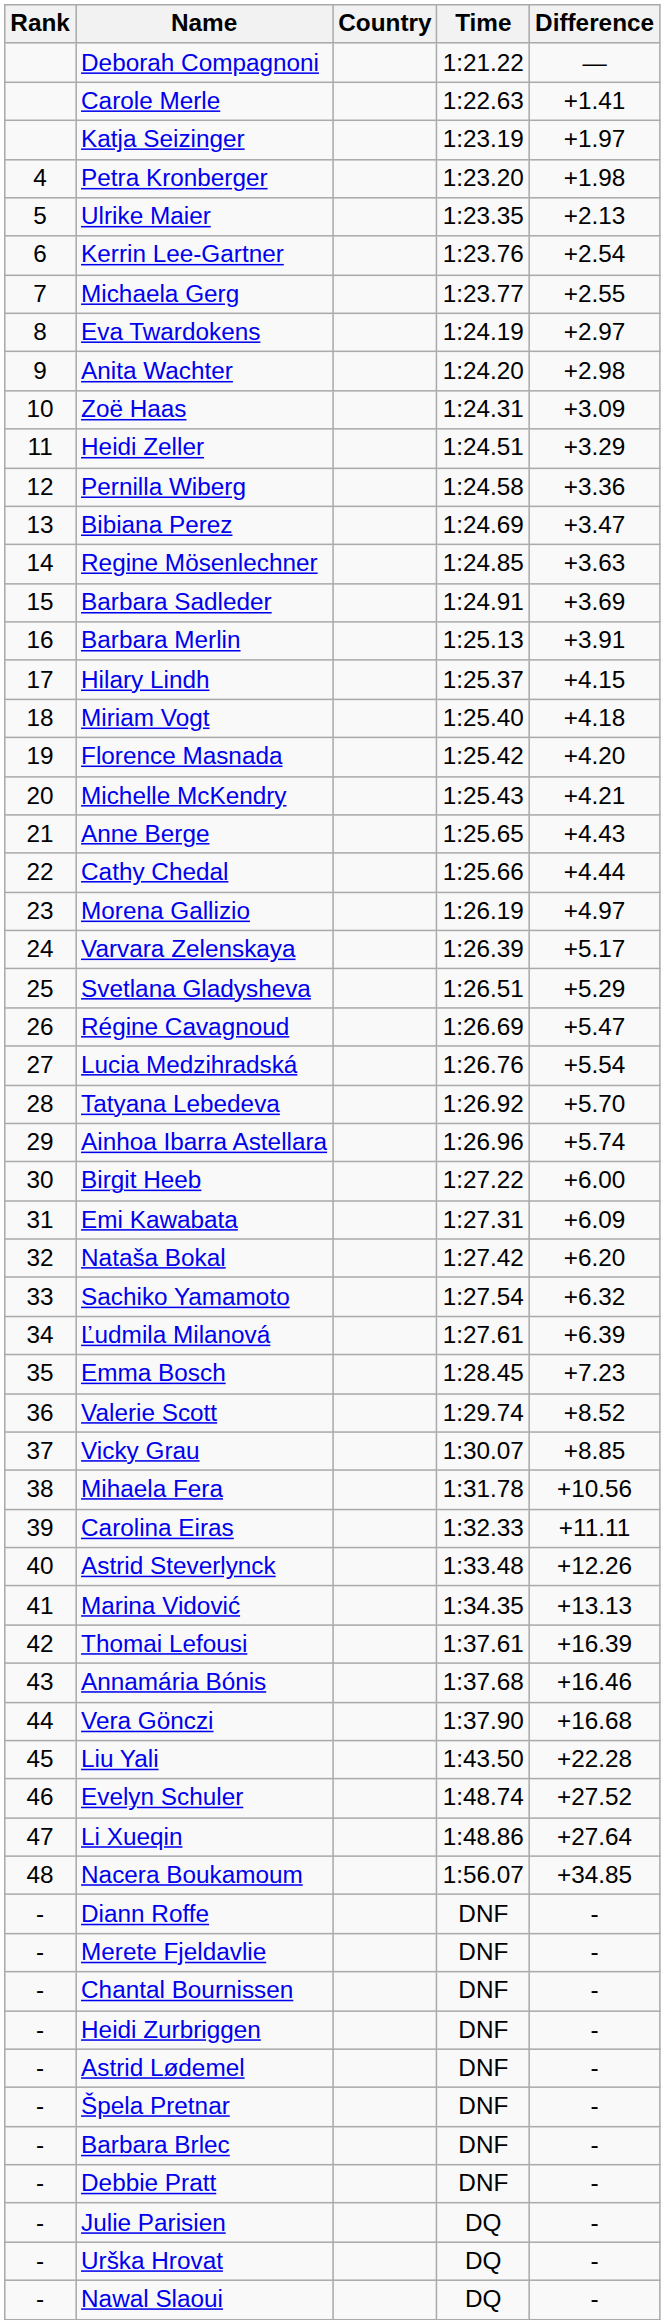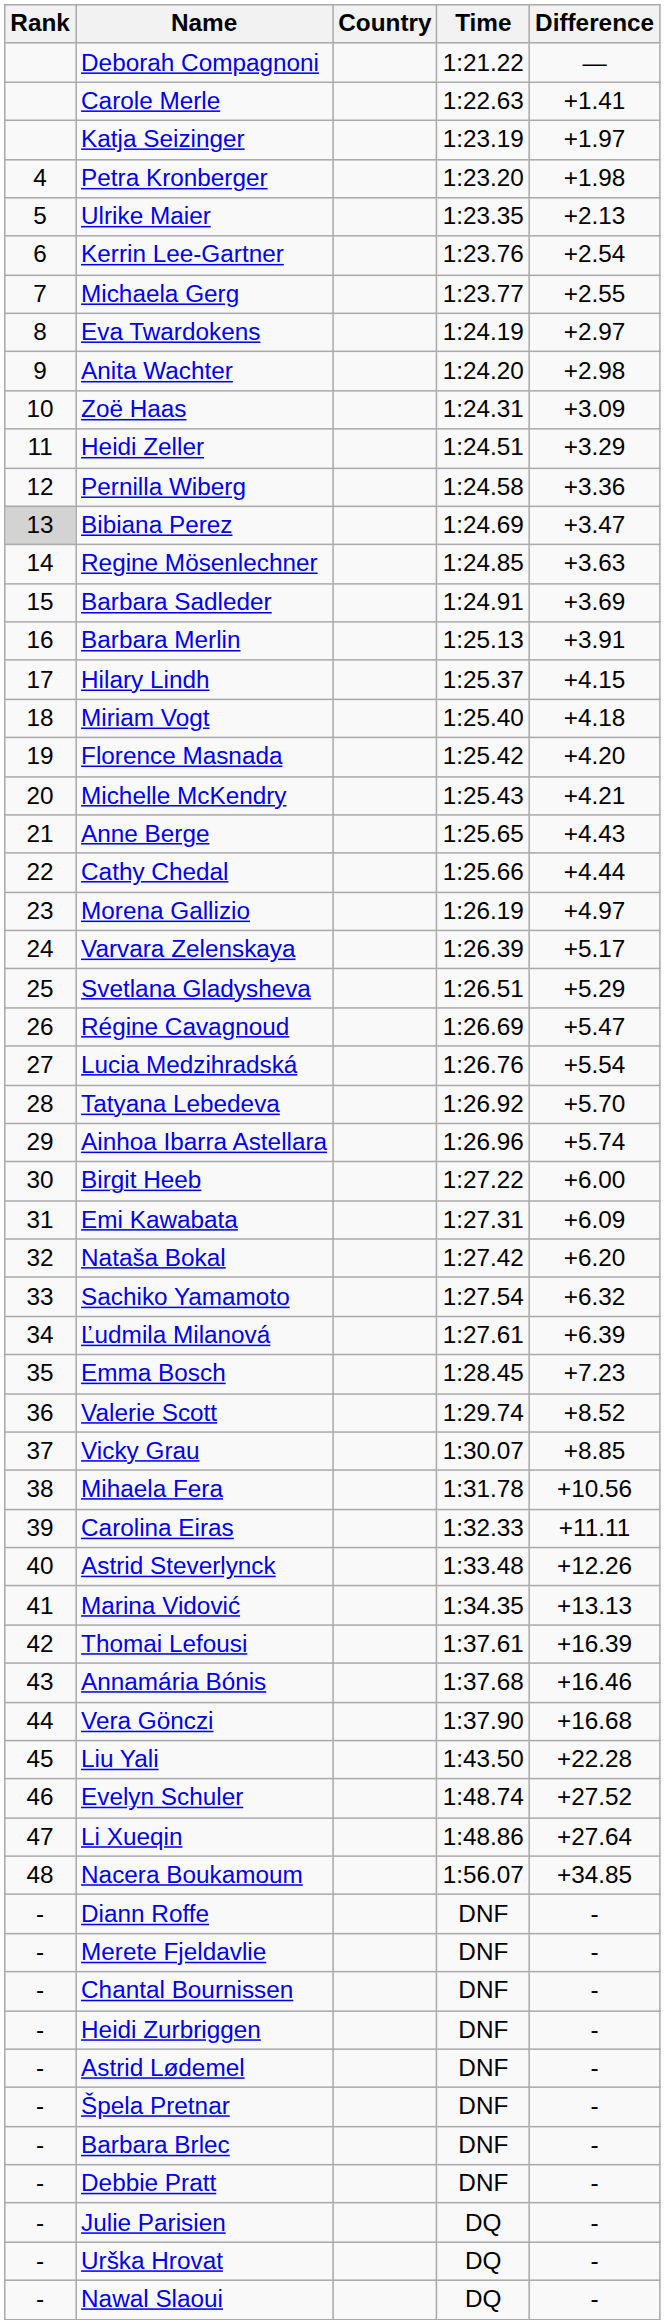 <table class="wikitable sortable" style="text-align:center">
 <tr>
 <th>Rank</th>
 <th>  Name</th>
 <th>Country</th>
 <th>Time</th>
 <th>Difference</th>
 </tr>
 <tr>
 <td></td>
 <td align=left><a href='#'>Deborah Compagnoni</a></td>
 <td align=left></td>
 <td>1:21.22</td>
 <td>—</td>
 </tr>
 <tr>
 <td></td>
 <td align=left><a href='#'>Carole Merle</a></td>
 <td align=left></td>
 <td>1:22.63</td>
 <td>+1.41</td>
 </tr>
 <tr>
 <td></td>
 <td align=left><a href='#'>Katja Seizinger</a></td>
 <td align=left></td>
 <td>1:23.19</td>
 <td>+1.97</td>
 </tr>
 <tr>
 <td>4</td>
 <td align=left><a href='#'>Petra Kronberger</a></td>
 <td align=left></td>
 <td>1:23.20</td>
 <td>+1.98</td>
 </tr>
 <tr>
 <td>5</td>
 <td align=left><a href='#'>Ulrike Maier</a></td>
 <td align=left></td>
 <td>1:23.35</td>
 <td>+2.13</td>
 </tr>
 <tr>
 <td>6</td>
 <td align=left><a href='#'>Kerrin Lee-Gartner</a></td>
 <td align=left></td>
 <td>1:23.76</td>
 <td>+2.54</td>
 </tr>
 <tr>
 <td>7</td>
 <td align=left><a href='#'>Michaela Gerg</a></td>
 <td align=left></td>
 <td>1:23.77</td>
 <td>+2.55</td>
 </tr>
 <tr>
 <td>8</td>
 <td align=left><a href='#'>Eva Twardokens</a></td>
 <td align=left></td>
 <td>1:24.19</td>
 <td>+2.97</td>
 </tr>
 <tr>
 <td>9</td>
 <td align=left><a href='#'>Anita Wachter</a></td>
 <td align=left></td>
 <td>1:24.20</td>
 <td>+2.98</td>
 </tr>
 <tr>
 <td>10</td>
 <td align=left><a href='#'>Zoë Haas</a></td>
 <td align=left></td>
 <td>1:24.31</td>
 <td>+3.09</td>
 </tr>
 <tr>
 <td>11</td>
 <td align=left><a href='#'>Heidi Zeller</a></td>
 <td align=left></td>
 <td>1:24.51</td>
 <td>+3.29</td>
 </tr>
 <tr>
 <td>12</td>
 <td align=left><a href='#'>Pernilla Wiberg</a></td>
 <td align=left></td>
 <td>1:24.58</td>
 <td>+3.36</td>
 </tr>
 <tr>
-<td>13</td>
+<td style="background: lightgrey;">13</td>
 <td align=left><a href='#'>Bibiana Perez</a></td>
 <td align=left></td>
 <td>1:24.69</td>
 <td>+3.47</td>
 </tr>
 <tr>
 <td>14</td>
 <td align=left><a href='#'>Regine Mösenlechner</a></td>
 <td align=left></td>
 <td>1:24.85</td>
 <td>+3.63</td>
 </tr>
 <tr>
 <td>15</td>
 <td align=left><a href='#'>Barbara Sadleder</a></td>
 <td align=left></td>
 <td>1:24.91</td>
 <td>+3.69</td>
 </tr>
 <tr>
 <td>16</td>
 <td align=left><a href='#'>Barbara Merlin</a></td>
 <td align=left></td>
 <td>1:25.13</td>
 <td>+3.91</td>
 </tr>
 <tr>
 <td>17</td>
 <td align=left><a href='#'>Hilary Lindh</a></td>
 <td align=left></td>
 <td>1:25.37</td>
 <td>+4.15</td>
 </tr>
 <tr>
 <td>18</td>
 <td align=left><a href='#'>Miriam Vogt</a></td>
 <td align=left></td>
 <td>1:25.40</td>
 <td>+4.18</td>
 </tr>
 <tr>
 <td>19</td>
 <td align=left><a href='#'>Florence Masnada</a></td>
 <td align=left></td>
 <td>1:25.42</td>
 <td>+4.20</td>
 </tr>
 <tr>
 <td>20</td>
 <td align=left><a href='#'>Michelle McKendry</a></td>
 <td align=left></td>
 <td>1:25.43</td>
 <td>+4.21</td>
 </tr>
 <tr>
 <td>21</td>
 <td align=left><a href='#'>Anne Berge</a></td>
 <td align=left></td>
 <td>1:25.65</td>
 <td>+4.43</td>
 </tr>
 <tr>
 <td>22</td>
 <td align=left><a href='#'>Cathy Chedal</a></td>
 <td align=left></td>
 <td>1:25.66</td>
 <td>+4.44</td>
 </tr>
 <tr>
 <td>23</td>
 <td align=left><a href='#'>Morena Gallizio</a></td>
 <td align=left></td>
 <td>1:26.19</td>
 <td>+4.97</td>
 </tr>
 <tr>
 <td>24</td>
 <td align=left><a href='#'>Varvara Zelenskaya</a></td>
 <td align=left></td>
 <td>1:26.39</td>
 <td>+5.17</td>
 </tr>
 <tr>
 <td>25</td>
 <td align=left><a href='#'>Svetlana Gladysheva</a></td>
 <td align=left></td>
 <td>1:26.51</td>
 <td>+5.29</td>
 </tr>
 <tr>
 <td>26</td>
 <td align=left><a href='#'>Régine Cavagnoud</a></td>
 <td align=left></td>
 <td>1:26.69</td>
 <td>+5.47</td>
 </tr>
 <tr>
 <td>27</td>
 <td align=left><a href='#'>Lucia Medzihradská</a></td>
 <td align=left></td>
 <td>1:26.76</td>
 <td>+5.54</td>
 </tr>
 <tr>
 <td>28</td>
 <td align=left><a href='#'>Tatyana Lebedeva</a></td>
 <td align=left></td>
 <td>1:26.92</td>
 <td>+5.70</td>
 </tr>
 <tr>
 <td>29</td>
 <td align=left><a href='#'>Ainhoa Ibarra Astellara</a></td>
 <td align=left></td>
 <td>1:26.96</td>
 <td>+5.74</td>
 </tr>
 <tr>
 <td>30</td>
 <td align=left><a href='#'>Birgit Heeb</a></td>
 <td align=left></td>
 <td>1:27.22</td>
 <td>+6.00</td>
 </tr>
 <tr>
 <td>31</td>
 <td align=left><a href='#'>Emi Kawabata</a></td>
 <td align=left></td>
 <td>1:27.31</td>
 <td>+6.09</td>
 </tr>
 <tr>
 <td>32</td>
 <td align=left><a href='#'>Nataša Bokal</a></td>
 <td align=left></td>
 <td>1:27.42</td>
 <td>+6.20</td>
 </tr>
 <tr>
 <td>33</td>
 <td align=left><a href='#'>Sachiko Yamamoto</a></td>
 <td align=left></td>
 <td>1:27.54</td>
 <td>+6.32</td>
 </tr>
 <tr>
 <td>34</td>
 <td align=left><a href='#'>Ľudmila Milanová</a></td>
 <td align=left></td>
 <td>1:27.61</td>
 <td>+6.39</td>
 </tr>
 <tr>
 <td>35</td>
 <td align=left><a href='#'>Emma Bosch</a></td>
 <td align=left></td>
 <td>1:28.45</td>
 <td>+7.23</td>
 </tr>
 <tr>
 <td>36</td>
 <td align=left><a href='#'>Valerie Scott</a></td>
 <td align=left></td>
 <td>1:29.74</td>
 <td>+8.52</td>
 </tr>
 <tr>
 <td>37</td>
 <td align=left><a href='#'>Vicky Grau</a></td>
 <td align=left></td>
 <td>1:30.07</td>
 <td>+8.85</td>
 </tr>
 <tr>
 <td>38</td>
 <td align=left><a href='#'>Mihaela Fera</a></td>
 <td align=left></td>
 <td>1:31.78</td>
 <td>+10.56</td>
 </tr>
 <tr>
 <td>39</td>
 <td align=left><a href='#'>Carolina Eiras</a></td>
 <td align=left></td>
 <td>1:32.33</td>
 <td>+11.11</td>
 </tr>
 <tr>
 <td>40</td>
 <td align=left><a href='#'>Astrid Steverlynck</a></td>
 <td align=left></td>
 <td>1:33.48</td>
 <td>+12.26</td>
 </tr>
 <tr>
 <td>41</td>
 <td align=left><a href='#'>Marina Vidović</a></td>
 <td align=left></td>
 <td>1:34.35</td>
 <td>+13.13</td>
 </tr>
 <tr>
 <td>42</td>
 <td align=left><a href='#'>Thomai Lefousi</a></td>
 <td align=left></td>
 <td>1:37.61</td>
 <td>+16.39</td>
 </tr>
 <tr>
 <td>43</td>
 <td align=left><a href='#'>Annamária Bónis</a></td>
 <td align=left></td>
 <td>1:37.68</td>
 <td>+16.46</td>
 </tr>
 <tr>
 <td>44</td>
 <td align=left><a href='#'>Vera Gönczi</a></td>
 <td align=left></td>
 <td>1:37.90</td>
 <td>+16.68</td>
 </tr>
 <tr>
 <td>45</td>
 <td align=left><a href='#'>Liu Yali</a></td>
 <td align=left></td>
 <td>1:43.50</td>
 <td>+22.28</td>
 </tr>
 <tr>
 <td>46</td>
 <td align=left><a href='#'>Evelyn Schuler</a></td>
 <td align=left></td>
 <td>1:48.74</td>
 <td>+27.52</td>
 </tr>
 <tr>
 <td>47</td>
 <td align=left><a href='#'>Li Xueqin</a></td>
 <td align=left></td>
 <td>1:48.86</td>
 <td>+27.64</td>
 </tr>
 <tr>
 <td>48</td>
 <td align=left><a href='#'>Nacera Boukamoum</a></td>
 <td align=left></td>
 <td>1:56.07</td>
 <td>+34.85</td>
 </tr>
 <tr>
 <td>-</td>
 <td align=left><a href='#'>Diann Roffe</a></td>
 <td align=left></td>
 <td>DNF</td>
 <td>-</td>
 </tr>
 <tr>
 <td>-</td>
 <td align=left><a href='#'>Merete Fjeldavlie</a></td>
 <td align=left></td>
 <td>DNF</td>
 <td>-</td>
 </tr>
 <tr>
 <td>-</td>
 <td align=left><a href='#'>Chantal Bournissen</a></td>
 <td align=left></td>
 <td>DNF</td>
 <td>-</td>
 </tr>
 <tr>
 <td>-</td>
 <td align=left><a href='#'>Heidi Zurbriggen</a></td>
 <td align=left></td>
 <td>DNF</td>
 <td>-</td>
 </tr>
 <tr>
 <td>-</td>
 <td align=left><a href='#'>Astrid Lødemel</a></td>
 <td align=left></td>
 <td>DNF</td>
 <td>-</td>
 </tr>
 <tr>
 <td>-</td>
 <td align=left><a href='#'>Špela Pretnar</a></td>
 <td align=left></td>
 <td>DNF</td>
 <td>-</td>
 </tr>
 <tr>
 <td>-</td>
 <td align=left><a href='#'>Barbara Brlec</a></td>
 <td align=left></td>
 <td>DNF</td>
 <td>-</td>
 </tr>
 <tr>
 <td>-</td>
 <td align=left><a href='#'>Debbie Pratt</a></td>
 <td align=left></td>
 <td>DNF</td>
 <td>-</td>
 </tr>
 <tr>
 <td>-</td>
 <td align=left><a href='#'>Julie Parisien</a></td>
 <td align=left></td>
 <td>DQ</td>
 <td>-</td>
 </tr>
 <tr>
 <td>-</td>
 <td align=left><a href='#'>Urška Hrovat</a></td>
 <td align=left></td>
 <td>DQ</td>
 <td>-</td>
 </tr>
 <tr>
 <td>-</td>
 <td align=left><a href='#'>Nawal Slaoui</a></td>
 <td align=left></td>
 <td>DQ</td>
 <td>-</td>
 </tr>
 </table>
